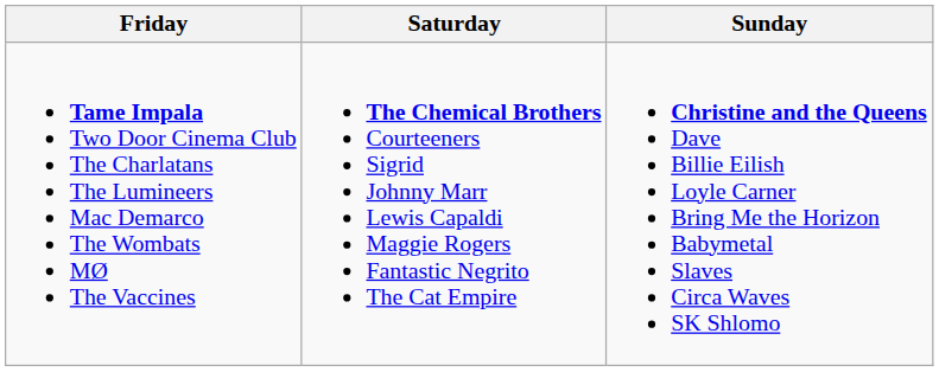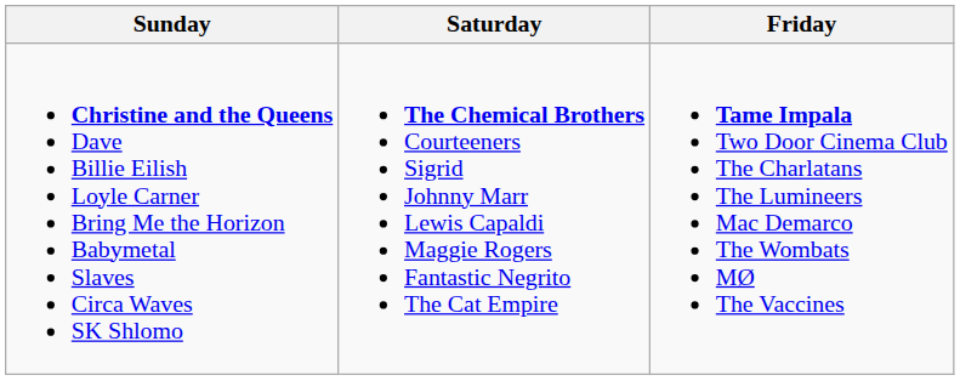 <table class="wikitable">
 <tr>
+<th>Sunday</th>
+<th>Saturday</th>
 <th>Friday</th>
-<th>Saturday</th>
-<th>Sunday</th>
 </tr>
 <tr valign="top">
+<td><br><ul><li><strong><a href='#'>Christine and the Queens</a></strong></li><li><a href='#'>Dave</a></li><li><a href='#'>Billie Eilish</a></li><li><a href='#'>Loyle Carner</a></li><li><a href='#'>Bring Me the Horizon</a></li><li><a href='#'>Babymetal</a></li><li><a href='#'>Slaves</a></li><li><a href='#'>Circa Waves</a></li><li><a href='#'>SK Shlomo</a></li></ul></td>
+<td><br><ul><li><strong><a href='#'>The Chemical Brothers</a></strong></li><li><a href='#'>Courteeners</a></li><li><a href='#'>Sigrid</a></li><li><a href='#'>Johnny Marr</a></li><li><a href='#'>Lewis Capaldi</a></li><li><a href='#'>Maggie Rogers</a></li><li><a href='#'>Fantastic Negrito</a></li><li><a href='#'>The Cat Empire</a></li></ul></td>
 <td><br><ul><li><strong><a href='#'>Tame Impala</a></strong></li><li><a href='#'>Two Door Cinema Club</a></li><li><a href='#'>The Charlatans</a></li><li><a href='#'>The Lumineers</a></li><li><a href='#'>Mac Demarco</a></li><li><a href='#'>The Wombats</a></li><li><a href='#'>MØ</a></li><li><a href='#'>The Vaccines</a></li></ul></td>
-<td><br><ul><li><strong><a href='#'>The Chemical Brothers</a></strong></li><li><a href='#'>Courteeners</a></li><li><a href='#'>Sigrid</a></li><li><a href='#'>Johnny Marr</a></li><li><a href='#'>Lewis Capaldi</a></li><li><a href='#'>Maggie Rogers</a></li><li><a href='#'>Fantastic Negrito</a></li><li><a href='#'>The Cat Empire</a></li></ul></td>
-<td><br><ul><li><strong><a href='#'>Christine and the Queens</a></strong></li><li><a href='#'>Dave</a></li><li><a href='#'>Billie Eilish</a></li><li><a href='#'>Loyle Carner</a></li><li><a href='#'>Bring Me the Horizon</a></li><li><a href='#'>Babymetal</a></li><li><a href='#'>Slaves</a></li><li><a href='#'>Circa Waves</a></li><li><a href='#'>SK Shlomo</a></li></ul></td>
 </tr>
 </table>
